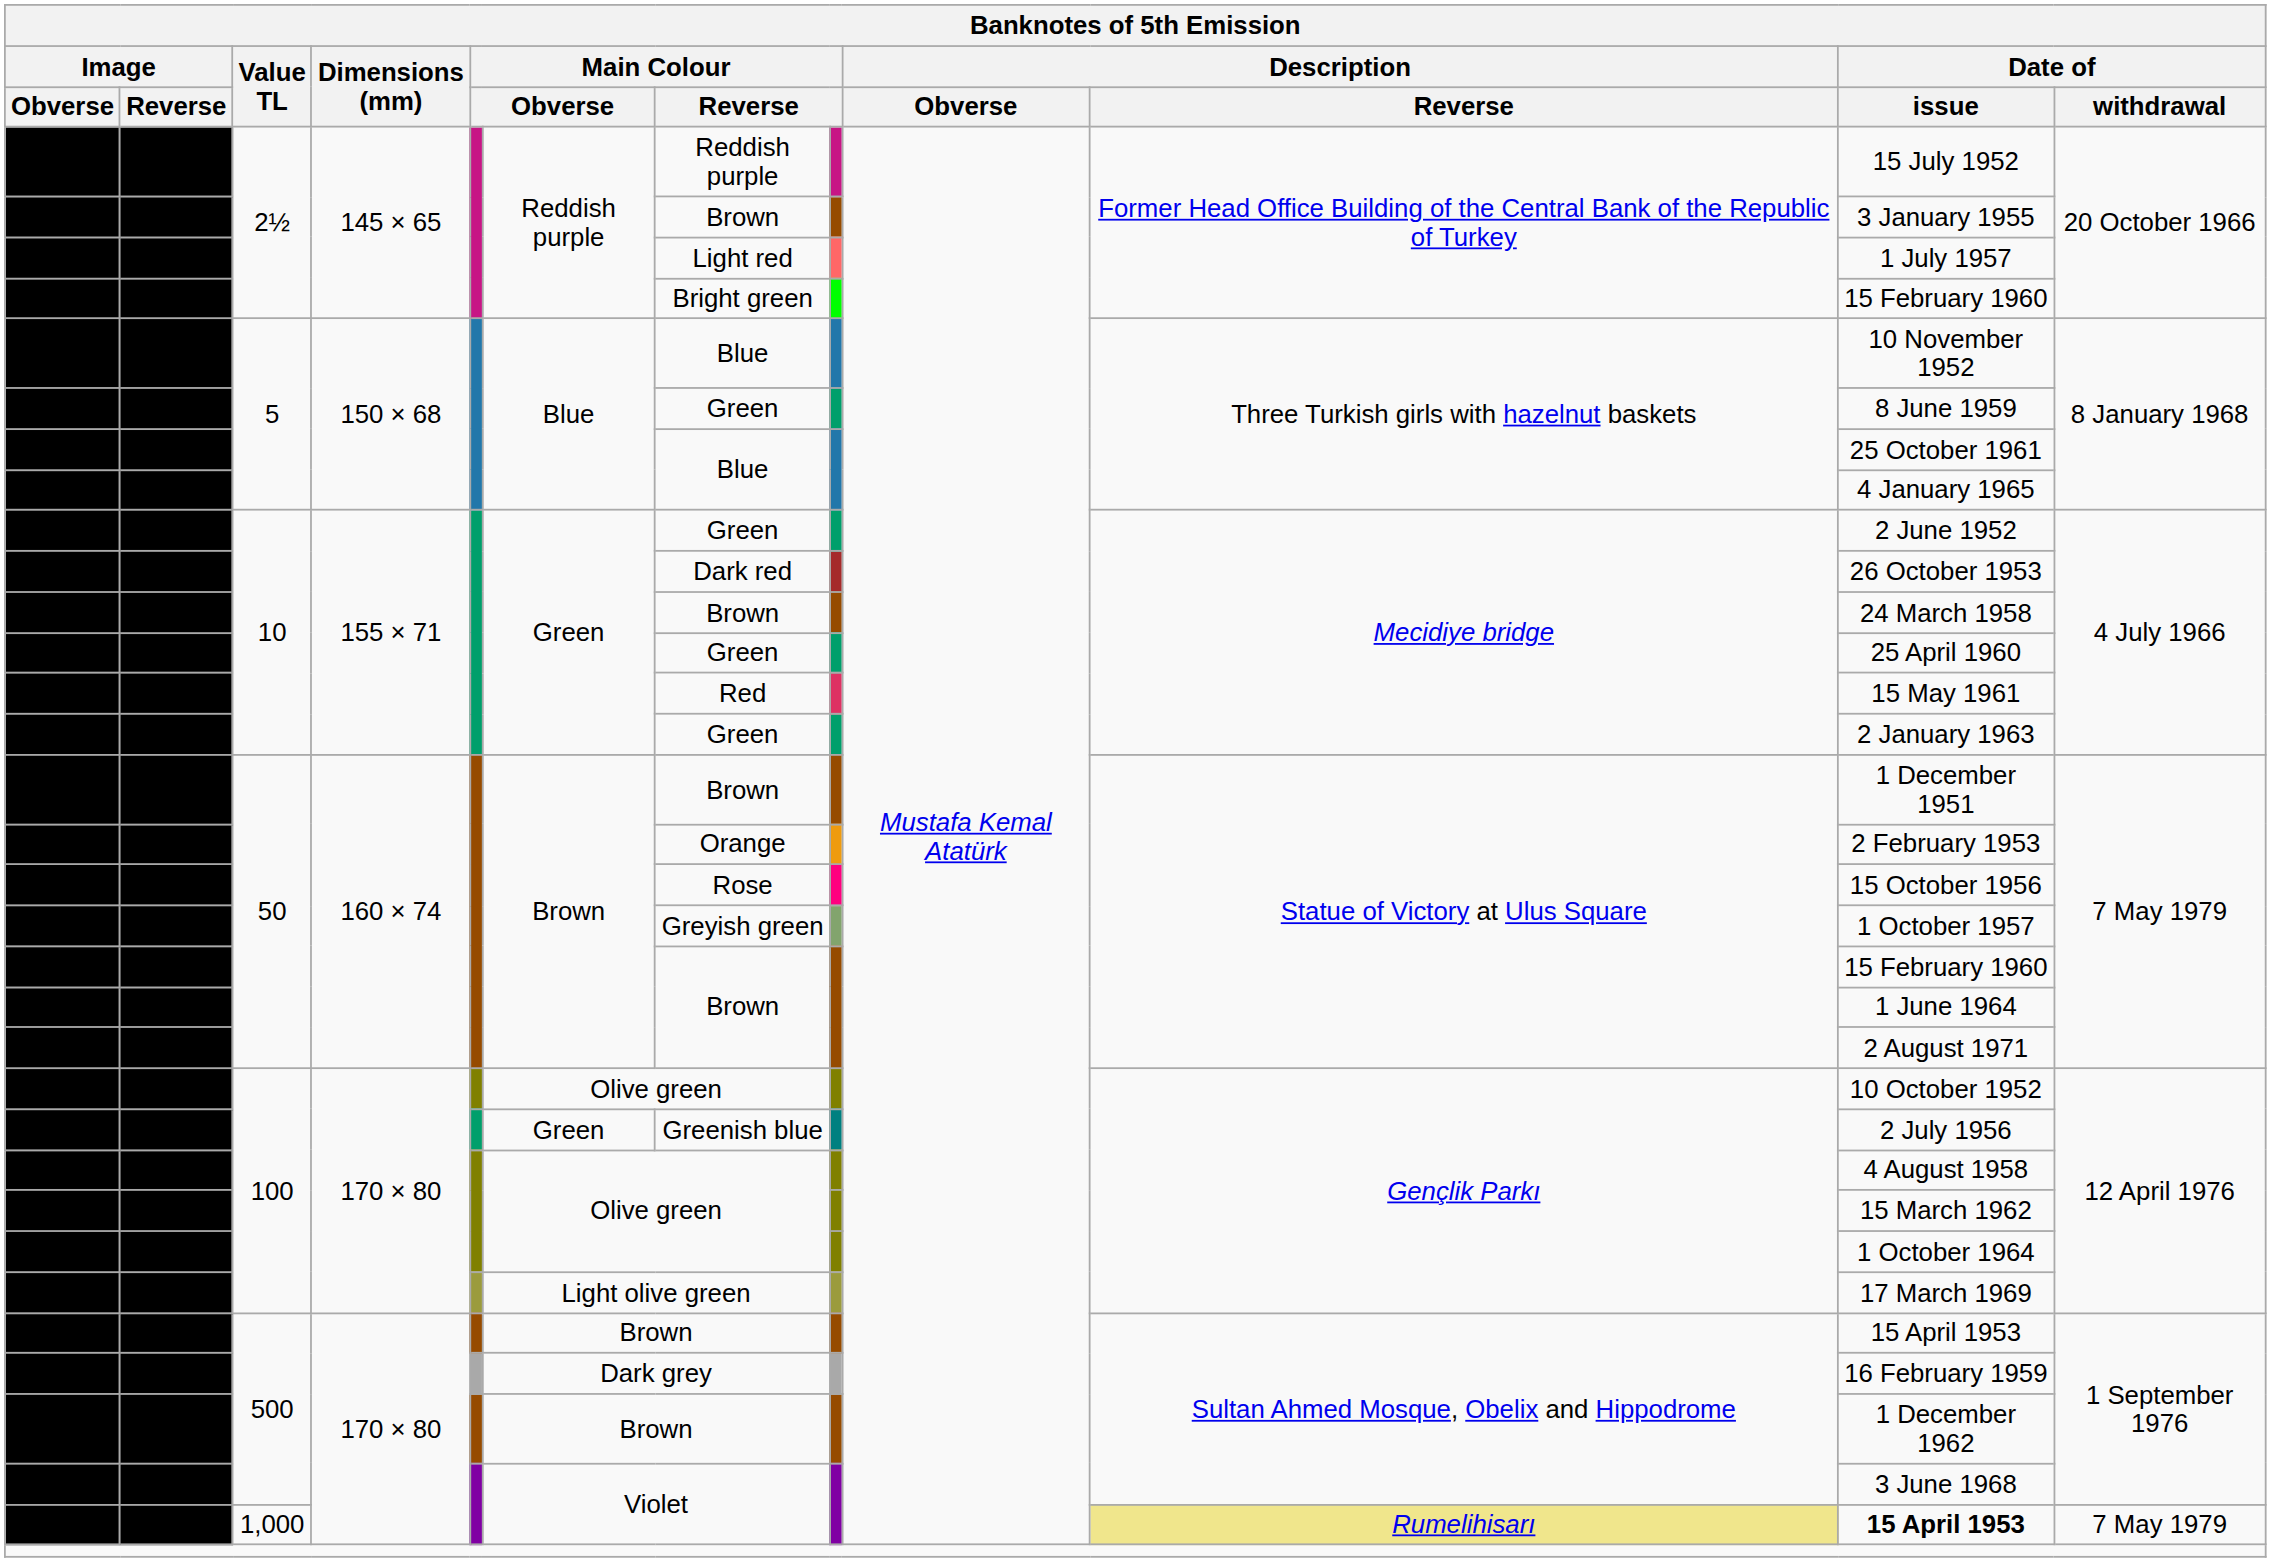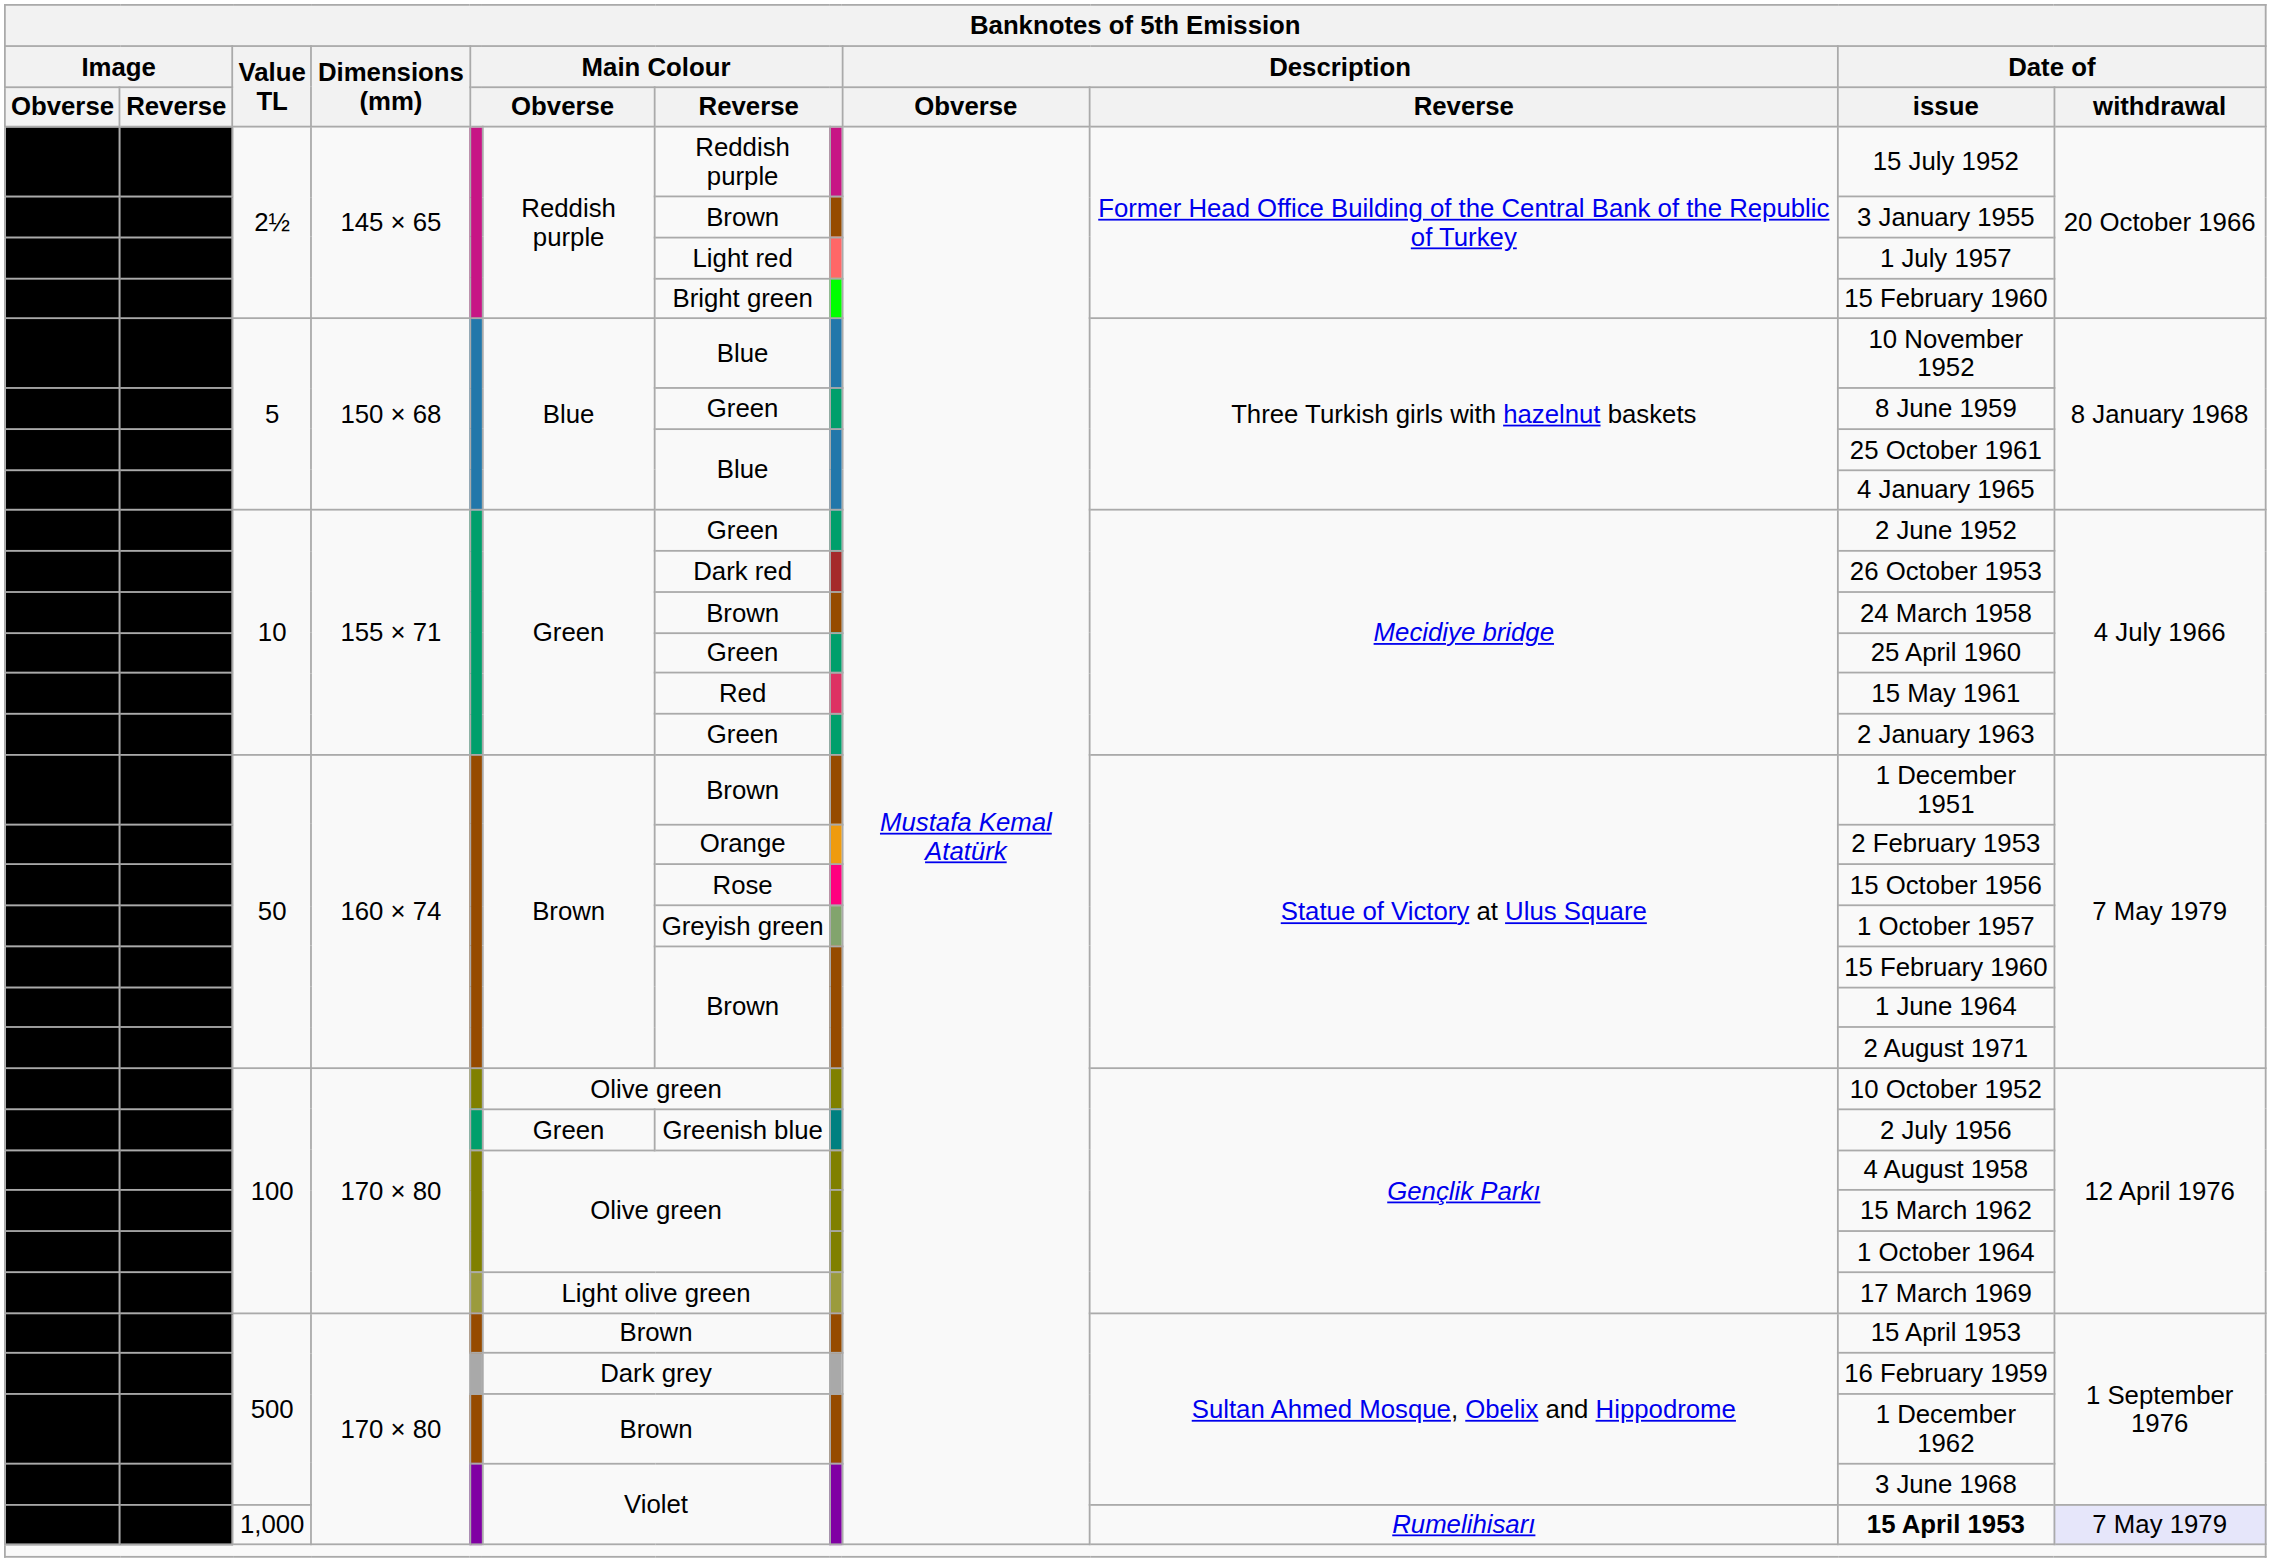 <table class="wikitable collapsible autocollapse" style="font-size: 90%; width: 100%">
 <tr>
 <th colspan="14" style="text-align: center">Banknotes of 5th Emission </th>
 </tr>
 <tr style="text-align: center">
 <th colspan="2">Image</th>
 <th rowspan="2">Value<br>TL</th>
 <th rowspan="2">Dimensions<br>(mm)</th>
 <th colspan="4">Main Colour</th>
 <th colspan="2">Description</th>
 <th colspan="2">Date of</th>
 </tr>
 <tr>
 <th>Obverse</th>
 <th>Reverse</th>
 <th colspan="2">Obverse</th>
 <th colspan="2">Reverse</th>
 <th>Obverse</th>
 <th>Reverse</th>
 <th>issue</th>
 <th>withdrawal</th>
 </tr>
 <tr style="text-align:center;">
 <td style="background:#000;"></td>
 <td style="background:#000;"></td>
 <td rowspan="4">2½</td>
 <td rowspan="4">145 × 65</td>
 <td style="background:#c71585;" rowspan="4"></td>
 <td rowspan="4">Reddish purple</td>
 <td>Reddish purple</td>
 <td style="background:#c71585;"></td>
 <td rowspan="32"><em><a href='#'>Mustafa Kemal Atatürk</a></em></td>
 <td rowspan="4"><a href='#'>Former Head Office Building of the Central Bank of the Republic of Turkey</a></td>
 <td>15 July 1952</td>
 <td rowspan="4">20 October 1966</td>
 </tr>
 <tr style="text-align:center;">
 <td style="background:#000;"></td>
 <td style="background:#000;"></td>
 <td>Brown</td>
 <td style="background:#964b00;"></td>
 <td>3 January 1955</td>
 </tr>
 <tr style="text-align:center;">
 <td style="background:#000;"></td>
 <td style="background:#000;"></td>
 <td>Light red</td>
 <td style="background:#ff6767;"></td>
 <td>1 July 1957</td>
 </tr>
 <tr style="text-align:center;">
 <td style="background:#000;"></td>
 <td style="background:#000;"></td>
 <td>Bright green</td>
 <td style="background:#00ff00;"></td>
 <td>15 February 1960</td>
 </tr>
 <tr style="text-align:center;">
 <td style="background:#000;"></td>
 <td style="background:#000;"></td>
 <td rowspan="4">5</td>
 <td rowspan="4">150 × 68</td>
 <td style="background:#2277aa;" rowspan="4"></td>
 <td rowspan="4">Blue</td>
 <td>Blue</td>
 <td style="background:#2277aa;"></td>
 <td rowspan="4">Three Turkish girls with <a href='#'>hazelnut</a> baskets</td>
 <td>10 November 1952</td>
 <td rowspan="4">8 January 1968</td>
 </tr>
 <tr style="text-align:center;">
 <td style="background:#000;"></td>
 <td style="background:#000;"></td>
 <td>Green</td>
 <td style="background:#009f6b;"></td>
 <td>8 June 1959</td>
 </tr>
 <tr style="text-align:center;">
 <td style="background:#000;"></td>
 <td style="background:#000;"></td>
 <td rowspan="2">Blue</td>
 <td style="background:#2277aa;" rowspan="2"></td>
 <td>25 October 1961</td>
 </tr>
 <tr style="text-align:center;">
 <td style="background:#000;"></td>
 <td style="background:#000;"></td>
 <td>4 January 1965</td>
 </tr>
 <tr style="text-align:center;">
 <td style="background:#000;"></td>
 <td style="background:#000;"></td>
 <td rowspan="6">10</td>
 <td rowspan="6">155 × 71</td>
 <td style="background:#009f6b;" rowspan="6"></td>
 <td rowspan="6">Green</td>
 <td>Green</td>
 <td style="background:#009f6b;"></td>
 <td rowspan="6"><em><a href='#'>Mecidiye bridge</a></em></td>
 <td>2 June 1952</td>
 <td rowspan="6">4 July 1966</td>
 </tr>
 <tr style="text-align:center;">
 <td style="background:#000;"></td>
 <td style="background:#000;"></td>
 <td>Dark red</td>
 <td style="background:#a52a2a;"></td>
 <td>26 October 1953</td>
 </tr>
 <tr style="text-align:center;">
 <td style="background:#000;"></td>
 <td style="background:#000;"></td>
 <td>Brown</td>
 <td style="background:#964b00;"></td>
 <td>24 March 1958</td>
 </tr>
 <tr style="text-align:center;">
 <td style="background:#000;"></td>
 <td style="background:#000;"></td>
 <td>Green</td>
 <td style="background:#009f6b;"></td>
 <td>25 April 1960</td>
 </tr>
 <tr style="text-align:center;">
 <td style="background:#000;"></td>
 <td style="background:#000;"></td>
 <td>Red</td>
 <td style="background:#de3163;"></td>
 <td>15 May 1961</td>
 </tr>
 <tr style="text-align:center;">
 <td style="background:#000;"></td>
 <td style="background:#000;"></td>
 <td>Green</td>
 <td style="background:#009f6b;"></td>
 <td>2 January 1963</td>
 </tr>
 <tr style="text-align:center;">
 <td style="background:#000;"></td>
 <td style="background:#000;"></td>
 <td rowspan="7">50</td>
 <td rowspan="7">160 × 74</td>
 <td style="background:#964b00;" rowspan="7"></td>
 <td rowspan="7">Brown</td>
 <td>Brown</td>
 <td style="background:#964b00;"></td>
 <td rowspan="7"><a href='#'>Statue of Victory</a> at <a href='#'>Ulus Square</a></td>
 <td>1 December 1951</td>
 <td rowspan="7">7 May 1979</td>
 </tr>
 <tr style="text-align:center;">
 <td style="background:#000;"></td>
 <td style="background:#000;"></td>
 <td>Orange</td>
 <td style="background:#ef9b0f;"></td>
 <td>2 February 1953</td>
 </tr>
 <tr style="text-align:center;">
 <td style="background:#000;"></td>
 <td style="background:#000;"></td>
 <td>Rose</td>
 <td style="background:#ff007f;"></td>
 <td>15 October 1956</td>
 </tr>
 <tr style="text-align:center;">
 <td style="background:#000;"></td>
 <td style="background:#000;"></td>
 <td>Greyish green</td>
 <td style="background:#82a46d;"></td>
 <td>1 October 1957</td>
 </tr>
 <tr style="text-align:center;">
 <td style="background:#000;"></td>
 <td style="background:#000;"></td>
 <td rowspan="3">Brown</td>
 <td style="background:#964b00;" rowspan="3"></td>
 <td>15 February 1960</td>
 </tr>
 <tr style="text-align:center;">
 <td style="background:#000;"></td>
 <td style="background:#000;"></td>
 <td>1 June 1964</td>
 </tr>
 <tr style="text-align:center;">
 <td style="background:#000;"></td>
 <td style="background:#000;"></td>
 <td>2 August 1971</td>
 </tr>
 <tr style="text-align:center;">
 <td style="background:#000;"></td>
 <td style="background:#000;"></td>
 <td rowspan="6">100</td>
 <td rowspan="6">170 × 80</td>
 <td style="background:#808000;"></td>
 <td colspan="2">Olive green</td>
 <td style="background:#808000;"></td>
 <td rowspan="6"><em><a href='#'>Gençlik Parkı</a></em></td>
 <td>10 October 1952</td>
 <td rowspan="6">12 April 1976</td>
 </tr>
 <tr style="text-align:center;">
 <td style="background:#000;"></td>
 <td style="background:#000;"></td>
 <td style="background:#009f6b;"></td>
 <td>Green</td>
 <td>Greenish blue</td>
 <td style="background:#008080;"></td>
 <td>2 July 1956</td>
 </tr>
 <tr style="text-align:center;">
 <td style="background:#000;"></td>
 <td style="background:#000;"></td>
 <td style="background:#808000;" rowspan="3"></td>
 <td colspan="2" rowspan="3">Olive green</td>
 <td style="background:#808000;"></td>
 <td>4 August 1958</td>
 </tr>
 <tr style="text-align:center;">
 <td style="background:#000;"></td>
 <td style="background:#000;"></td>
 <td style="background:#808000;"></td>
 <td>15 March 1962</td>
 </tr>
 <tr style="text-align:center;">
 <td style="background:#000;"></td>
 <td style="background:#000;"></td>
 <td style="background:#808000;"></td>
 <td>1 October 1964</td>
 </tr>
 <tr style="text-align:center;">
 <td style="background:#000;"></td>
 <td style="background:#000;"></td>
 <td style="background:#9b9b3d;"></td>
 <td colspan="2">Light olive green</td>
 <td style="background:#9b9b3d;"></td>
 <td>17 March 1969</td>
 </tr>
 <tr style="text-align:center;">
 <td style="background:#000;"></td>
 <td style="background:#000;"></td>
 <td rowspan="4">500</td>
 <td rowspan="5">170 × 80</td>
 <td style="background:#964b00;"></td>
 <td colspan="2">Brown</td>
 <td style="background:#964b00;"></td>
 <td rowspan="4"><a href='#'>Sultan Ahmed Mosque</a>, <a href='#'>Obelix</a> and <a href='#'>Hippodrome</a></td>
 <td>15 April 1953</td>
 <td rowspan="4">1 September 1976</td>
 </tr>
 <tr style="text-align:center;">
 <td style="background:#000;"></td>
 <td style="background:#000;"></td>
 <td style="background:#a9a9a9;"></td>
 <td colspan="2">Dark grey</td>
 <td style="background:#a9a9a9;"></td>
 <td>16 February 1959</td>
 </tr>
 <tr style="text-align:center;">
 <td style="background:#000;"></td>
 <td style="background:#000;"></td>
 <td style="background:#964b00;"></td>
 <td colspan="2">Brown</td>
 <td style="background:#964b00;"></td>
 <td>1 December 1962</td>
 </tr>
 <tr style="text-align:center;">
 <td style="background:#000;"></td>
 <td style="background:#000;"></td>
 <td style="background:#8000a3;" rowspan="2"></td>
 <td rowspan="2" colspan="2">Violet</td>
 <td style="background:#8000a3;" rowspan="2"></td>
 <td>3 June 1968</td>
 </tr>
 <tr style="text-align:center;">
 <td style="background:#000;"></td>
 <td style="background:#000;"></td>
 <td>1,000</td>
-<td style="background: khaki;"><em><a href='#'>Rumelihisarı</a></em></td>
+<td><em><a href='#'>Rumelihisarı</a></em></td>
 <td><strong>15 April 1953</strong></td>
-<td>7 May 1979</td>
+<td style="background: lavender;">7 May 1979</td>
 </tr>
 <tr>
 <td colspan="14"></td>
 </tr>
 </table>
